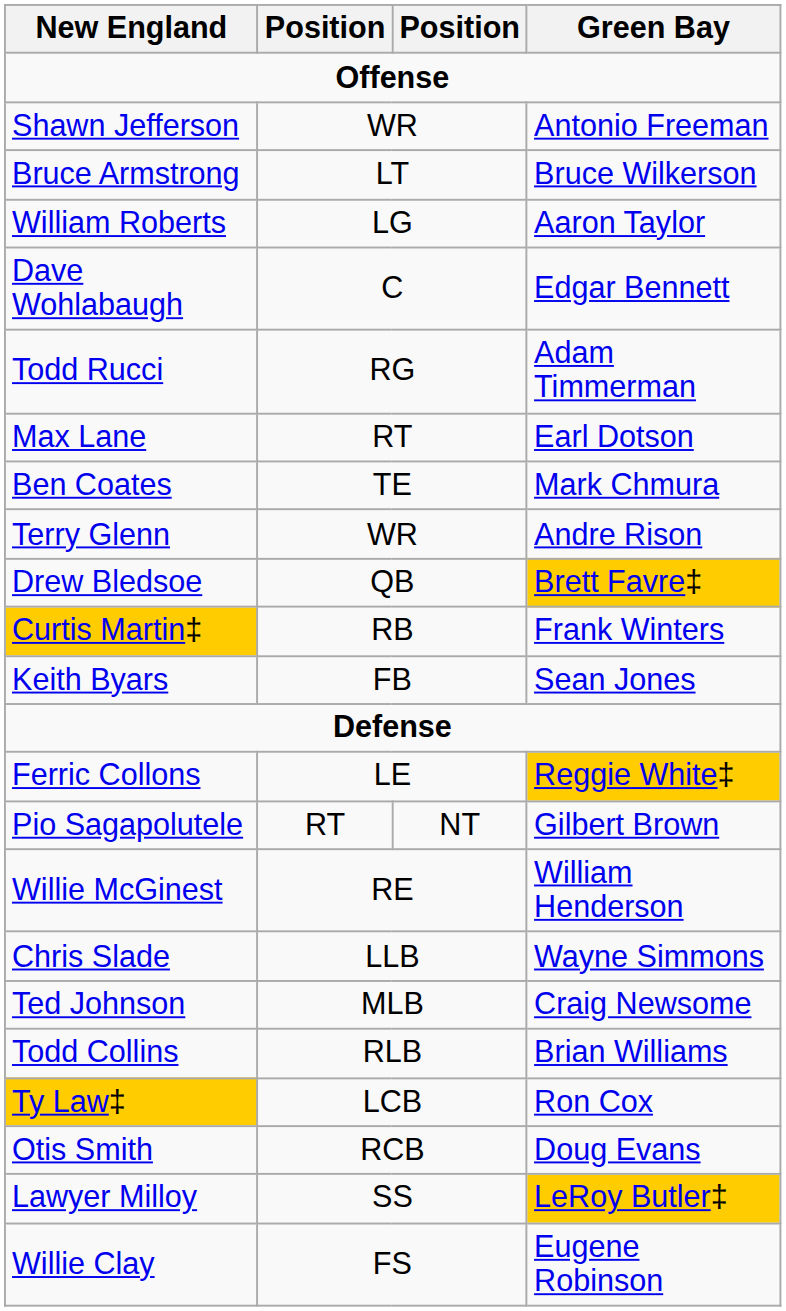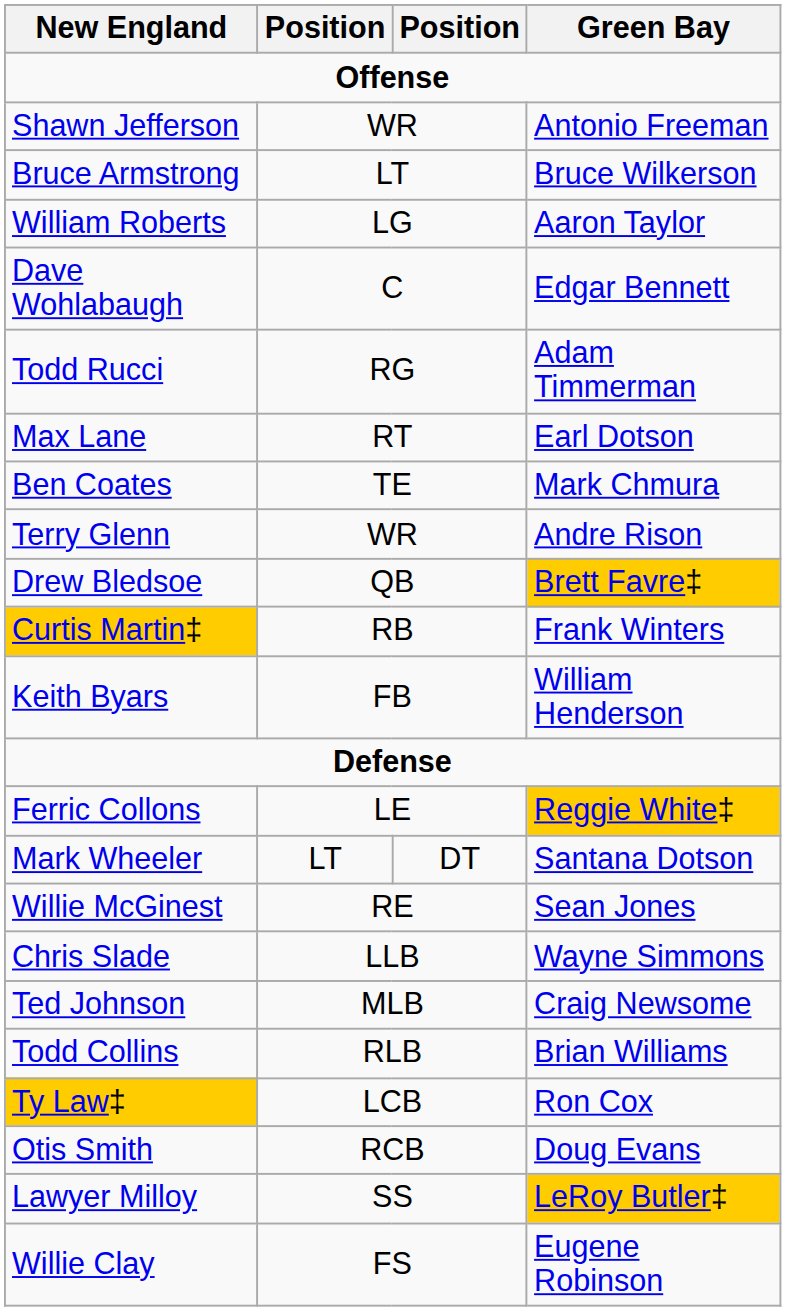 <table class="wikitable">
 <tr>
 <th width="125px">New England</th>
 <th>Position</th>
 <th>Position</th>
 <th width="125px">Green Bay</th>
 </tr>
 <tr>
 <td colspan="4" style="text-align:center"><strong>Offense</strong></td>
 </tr>
 <tr>
 <td><a href='#'>Shawn Jefferson</a></td>
 <td colspan="2" style="text-align:center">WR</td>
 <td><a href='#'>Antonio Freeman</a></td>
 </tr>
 <tr>
 <td><a href='#'>Bruce Armstrong</a></td>
 <td colspan="2" style="text-align:center">LT</td>
 <td><a href='#'>Bruce Wilkerson</a></td>
 </tr>
 <tr>
 <td><a href='#'>William Roberts</a></td>
 <td colspan="2" style="text-align:center">LG</td>
 <td><a href='#'>Aaron Taylor</a></td>
 </tr>
 <tr>
 <td><a href='#'>Dave Wohlabaugh</a></td>
 <td colspan="2" style="text-align:center">C</td>
 <td><a href='#'>Edgar Bennett</a></td>
 </tr>
 <tr>
 <td><a href='#'>Todd Rucci</a></td>
 <td colspan="2" style="text-align:center">RG</td>
 <td><a href='#'>Adam Timmerman</a></td>
 </tr>
 <tr>
 <td><a href='#'>Max Lane</a></td>
 <td colspan="2" style="text-align:center">RT</td>
 <td><a href='#'>Earl Dotson</a></td>
 </tr>
 <tr>
 <td><a href='#'>Ben Coates</a></td>
 <td colspan="2" style="text-align:center">TE</td>
 <td><a href='#'>Mark Chmura</a></td>
 </tr>
 <tr>
 <td><a href='#'>Terry Glenn</a></td>
 <td colspan="2" style="text-align:center">WR</td>
 <td><a href='#'>Andre Rison</a></td>
 </tr>
 <tr>
 <td><a href='#'>Drew Bledsoe</a></td>
 <td colspan="2" style="text-align:center">QB</td>
 <td bgcolor="#FFCC00"><a href='#'>Brett Favre</a>‡</td>
 </tr>
 <tr>
 <td bgcolor="#FFCC00"><a href='#'>Curtis Martin</a>‡</td>
 <td colspan="2" style="text-align:center">RB</td>
 <td><a href='#'>Frank Winters</a></td>
 </tr>
 <tr>
 <td><a href='#'>Keith Byars</a></td>
 <td colspan="2" style="text-align:center">FB</td>
-<td><a href='#'>Sean Jones</a></td>
+<td><a href='#'>William Henderson</a></td>
 </tr>
 <tr>
 <td colspan="4" style="text-align:center"><strong>Defense</strong></td>
 </tr>
 <tr>
 <td><a href='#'>Ferric Collons</a></td>
 <td colspan="2" style="text-align:center">LE</td>
 <td bgcolor="#FFCC00"><a href='#'>Reggie White</a>‡</td>
 </tr>
 <tr>
-<td><a href='#'>Pio Sagapolutele</a></td>
-<td style="text-align:center">RT</td>
-<td style="text-align:center">NT</td>
-<td><a href='#'>Gilbert Brown</a></td>
+<td><a href='#'>Mark Wheeler</a></td>
+<td style="text-align:center">LT</td>
+<td style="text-align:center">DT</td>
+<td><a href='#'>Santana Dotson</a></td>
 </tr>
 <tr>
 <td><a href='#'>Willie McGinest</a></td>
 <td colspan="2" style="text-align:center">RE</td>
-<td><a href='#'>William Henderson</a></td>
+<td><a href='#'>Sean Jones</a></td>
 </tr>
 <tr>
 <td><a href='#'>Chris Slade</a></td>
 <td colspan="2" style="text-align:center">LLB</td>
 <td><a href='#'>Wayne Simmons</a></td>
 </tr>
 <tr>
 <td><a href='#'>Ted Johnson</a></td>
 <td colspan="2" style="text-align:center">MLB</td>
 <td><a href='#'>Craig Newsome</a></td>
 </tr>
 <tr>
 <td><a href='#'>Todd Collins</a></td>
 <td colspan="2" style="text-align:center">RLB</td>
 <td><a href='#'>Brian Williams</a></td>
 </tr>
 <tr>
 <td bgcolor="#FFCC00"><a href='#'>Ty Law</a>‡</td>
 <td colspan="2" style="text-align:center">LCB</td>
 <td><a href='#'>Ron Cox</a></td>
 </tr>
 <tr>
 <td><a href='#'>Otis Smith</a></td>
 <td colspan="2" style="text-align:center">RCB</td>
 <td><a href='#'>Doug Evans</a></td>
 </tr>
 <tr>
 <td><a href='#'>Lawyer Milloy</a></td>
 <td colspan="2" style="text-align:center">SS</td>
 <td bgcolor="#FFCC00"><a href='#'>LeRoy Butler</a>‡</td>
 </tr>
 <tr>
 <td><a href='#'>Willie Clay</a></td>
 <td colspan="2" style="text-align:center">FS</td>
 <td><a href='#'>Eugene Robinson</a></td>
 </tr>
 </table>
